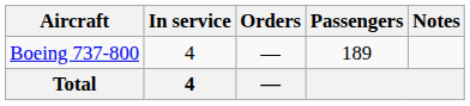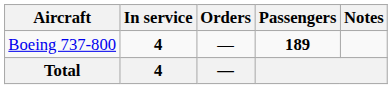 <table class="wikitable" style="border-collapse:collapse;text-align:center">
 <tr>
 <th>Aircraft</th>
 <th>In service</th>
 <th>Orders</th>
 <th>Passengers</th>
 <th>Notes</th>
 </tr>
 <tr>
 <td><a href='#'>Boeing 737-800</a></td>
-<td>4</td>
+<td><strong>4</strong></td>
 <td>—</td>
-<td>189</td>
+<td><strong>189</strong></td>
 </tr>
 <tr>
 <th>Total</th>
 <th>4</th>
 <th>—</th>
 <th colspan="3"></th>
 </tr>
 </table>
